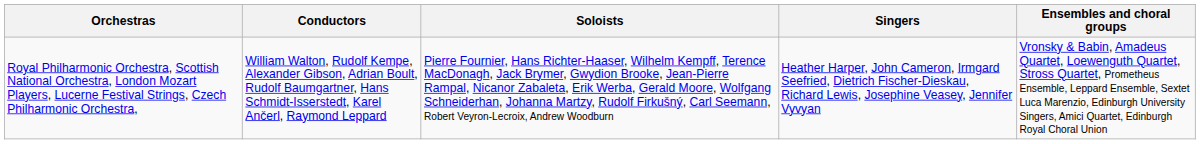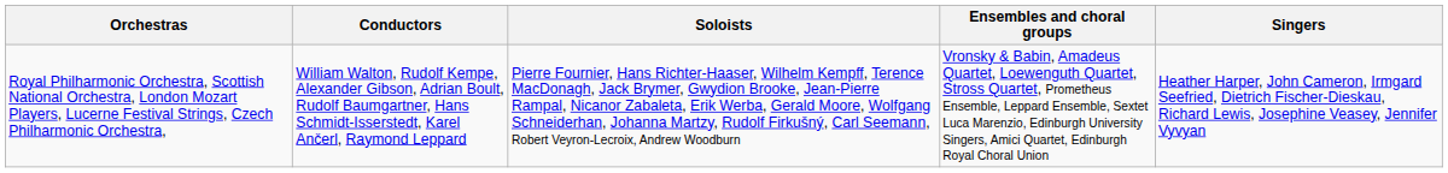 <table class="wikitable toptextcells">
 <tr class="hintergrundfarbe5">
 <th style="width:20%;">Orchestras</th>
 <th style="width:15%;">Conductors</th>
 <th style="width:30%;">Soloists</th>
+<th style="width:15%;">Ensembles and choral groups</th>
 <th style="width:20%;">Singers</th>
-<th style="width:15%;">Ensembles and choral groups</th>
 </tr>
 <tr>
 <td><a href='#'>Royal Philharmonic Orchestra</a>, <a href='#'>Scottish National Orchestra</a>, <a href='#'>London Mozart Players</a>, <a href='#'>Lucerne Festival Strings</a>, <a href='#'>Czech Philharmonic Orchestra</a>,</td>
 <td><a href='#'>William Walton</a>, <a href='#'>Rudolf Kempe</a>, <a href='#'>Alexander Gibson</a>, <a href='#'>Adrian Boult</a>, <a href='#'>Rudolf Baumgartner</a>, <a href='#'>Hans Schmidt-Isserstedt</a>, <a href='#'>Karel Ančerl</a>, <a href='#'>Raymond Leppard</a></td>
 <td><a href='#'>Pierre Fournier</a>, <a href='#'>Hans Richter-Haaser</a>, <a href='#'>Wilhelm Kempff</a>, <a href='#'>Terence MacDonagh</a>, <a href='#'>Jack Brymer</a>, <a href='#'>Gwydion Brooke</a>, <a href='#'>Jean-Pierre Rampal</a>, <a href='#'>Nicanor Zabaleta</a>, <a href='#'>Erik Werba</a>, <a href='#'>Gerald Moore</a>, <a href='#'>Wolfgang Schneiderhan</a>, <a href='#'>Johanna Martzy</a>, <a href='#'>Rudolf Firkušný</a>, <a href='#'>Carl Seemann</a>, <small>Robert Veyron-Lecroix, Andrew Woodburn</small></td>
+<td><a href='#'>Vronsky & Babin</a>, <a href='#'>Amadeus Quartet</a>, <a href='#'>Loewenguth Quartet</a>, <a href='#'>Stross Quartet</a>, <small>Prometheus Ensemble, Leppard Ensemble, Sextet Luca Marenzio, Edinburgh University Singers, Amici Quartet, Edinburgh Royal Choral Union</small></td>
 <td><a href='#'>Heather Harper</a>, <a href='#'>John Cameron</a>, <a href='#'>Irmgard Seefried</a>, <a href='#'>Dietrich Fischer-Dieskau</a>, <a href='#'>Richard Lewis</a>, <a href='#'>Josephine Veasey</a>, <a href='#'>Jennifer Vyvyan</a></td>
-<td><a href='#'>Vronsky & Babin</a>, <a href='#'>Amadeus Quartet</a>, <a href='#'>Loewenguth Quartet</a>, <a href='#'>Stross Quartet</a>, <small>Prometheus Ensemble, Leppard Ensemble, Sextet Luca Marenzio, Edinburgh University Singers, Amici Quartet, Edinburgh Royal Choral Union</small></td>
 </tr>
 </table>
